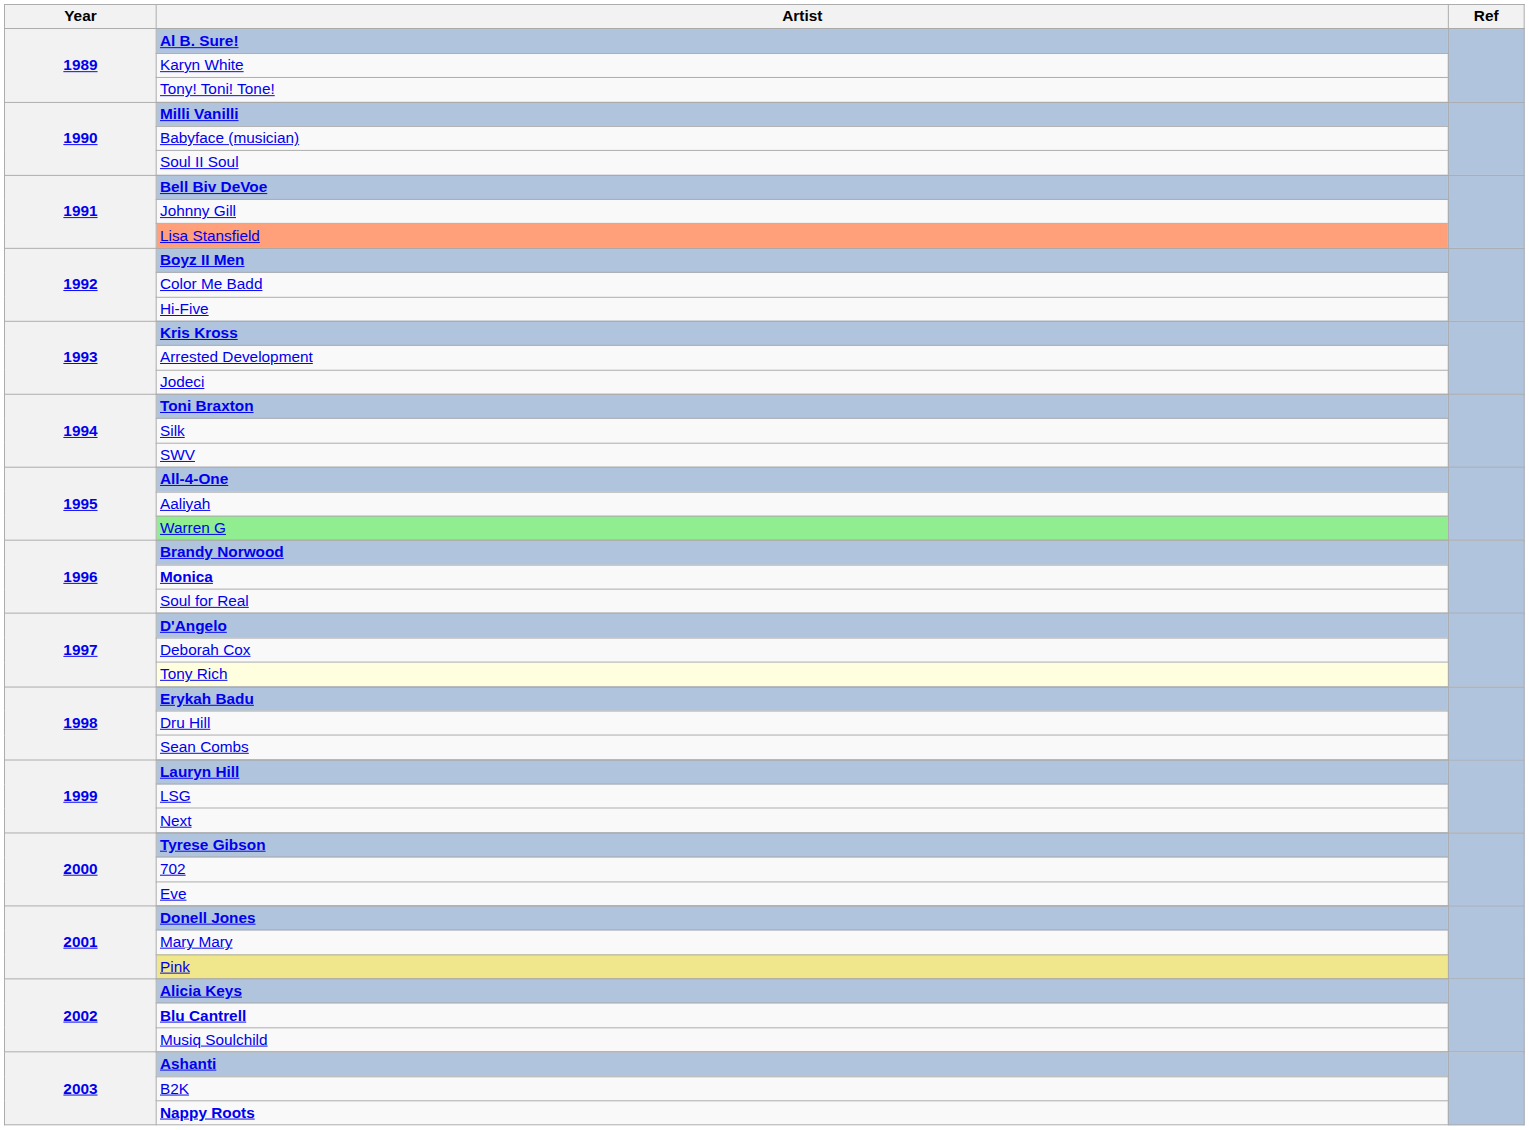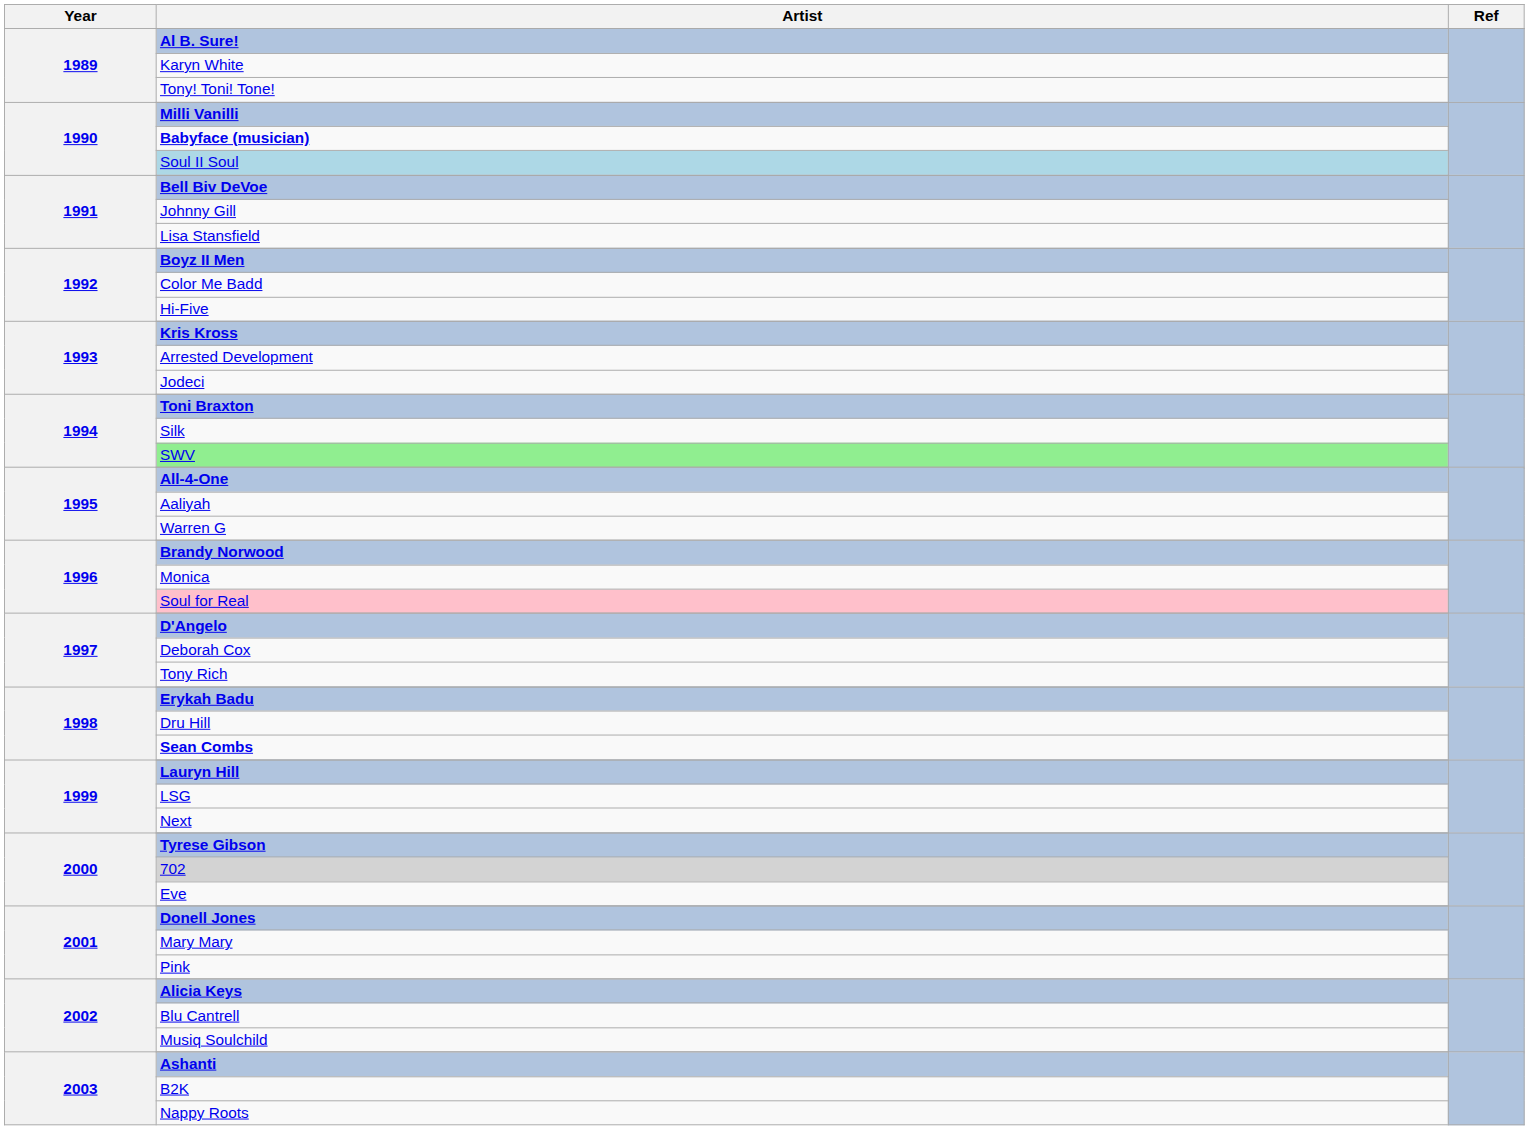 <table class="wikitable" width="100%">
 <tr>
 <th width="10%">Year</th>
 <th width="85%">Artist</th>
 <th width="5%">Ref</th>
 </tr>
 <tr>
 <th rowspan="4" align="center"><a href='#'>1989<br></a></th>
 </tr>
 <tr style="background:#B0C4DE">
 <td><strong><a href='#'>Al B. Sure!</a></strong></td>
 <td rowspan="4" align="center"></td>
 </tr>
 <tr>
 <td><a href='#'>Karyn White</a></td>
 </tr>
 <tr>
 <td><a href='#'>Tony! Toni! Tone!</a></td>
 </tr>
 <tr>
 <th rowspan="4" align="center"><a href='#'>1990<br></a></th>
 </tr>
 <tr style="background:#B0C4DE">
 <td><strong><a href='#'>Milli Vanilli</a></strong></td>
 <td rowspan="4" align="center"></td>
 </tr>
 <tr>
-<td><a href='#'>Babyface (musician)</a></td>
+<td><strong><a href='#'>Babyface (musician)</a></strong></td>
 </tr>
 <tr>
-<td><a href='#'>Soul II Soul</a></td>
+<td style="background: lightblue;"><a href='#'>Soul II Soul</a></td>
 </tr>
 <tr>
 <th rowspan="4" align="center"><a href='#'>1991<br></a></th>
 </tr>
 <tr style="background:#B0C4DE">
 <td><strong><a href='#'>Bell Biv DeVoe</a></strong></td>
 <td rowspan="4" align="center"></td>
 </tr>
 <tr>
 <td><a href='#'>Johnny Gill</a></td>
 </tr>
 <tr>
-<td style="background: lightsalmon;"><a href='#'>Lisa Stansfield</a></td>
+<td><a href='#'>Lisa Stansfield</a></td>
 </tr>
 <tr>
 <th rowspan="4" align="center"><a href='#'>1992<br></a></th>
 </tr>
 <tr style="background:#B0C4DE">
 <td><strong><a href='#'>Boyz II Men</a></strong></td>
 <td rowspan="4" align="center"></td>
 </tr>
 <tr>
 <td><a href='#'>Color Me Badd</a></td>
 </tr>
 <tr>
 <td><a href='#'>Hi-Five</a></td>
 </tr>
 <tr>
 <th rowspan="4" align="center"><a href='#'>1993<br></a></th>
 </tr>
 <tr style="background:#B0C4DE">
 <td><strong><a href='#'>Kris Kross</a></strong></td>
 <td rowspan="4" align="center"></td>
 </tr>
 <tr>
 <td><a href='#'>Arrested Development</a></td>
 </tr>
 <tr>
 <td><a href='#'>Jodeci</a></td>
 </tr>
 <tr>
 <th rowspan="4" align="center"><a href='#'>1994<br></a></th>
 </tr>
 <tr style="background:#B0C4DE">
 <td><strong><a href='#'>Toni Braxton</a></strong></td>
 <td rowspan="4" align="center"></td>
 </tr>
 <tr>
 <td><a href='#'>Silk</a></td>
 </tr>
 <tr>
-<td><a href='#'>SWV</a></td>
+<td style="background: lightgreen;"><a href='#'>SWV</a></td>
 </tr>
 <tr>
 <th rowspan="4" align="center"><a href='#'>1995<br></a></th>
 </tr>
 <tr style="background:#B0C4DE">
 <td><strong><a href='#'>All-4-One</a></strong></td>
 <td rowspan="4" align="center"></td>
 </tr>
 <tr>
 <td><a href='#'>Aaliyah</a></td>
 </tr>
 <tr>
-<td style="background: lightgreen;"><a href='#'>Warren G</a></td>
+<td><a href='#'>Warren G</a></td>
 </tr>
 <tr>
 <th rowspan="4" align="center"><a href='#'>1996<br></a></th>
 </tr>
 <tr style="background:#B0C4DE">
 <td><strong><a href='#'>Brandy Norwood</a></strong></td>
 <td rowspan="4" align="center"></td>
 </tr>
 <tr>
-<td><strong><a href='#'>Monica</a></strong></td>
+<td><a href='#'>Monica</a></td>
 </tr>
 <tr>
-<td><a href='#'>Soul for Real</a></td>
+<td style="background: pink;"><a href='#'>Soul for Real</a></td>
 </tr>
 <tr>
 <th rowspan="4" align="center"><a href='#'>1997<br></a></th>
 </tr>
 <tr style="background:#B0C4DE">
 <td><strong><a href='#'>D'Angelo</a></strong></td>
 <td rowspan="4" align="center"></td>
 </tr>
 <tr>
 <td><a href='#'>Deborah Cox</a></td>
 </tr>
 <tr>
-<td style="background: lightyellow;"><a href='#'>Tony Rich</a></td>
+<td><a href='#'>Tony Rich</a></td>
 </tr>
 <tr>
 <th rowspan="4" align="center"><a href='#'>1998<br></a></th>
 </tr>
 <tr style="background:#B0C4DE">
 <td><strong><a href='#'>Erykah Badu</a></strong></td>
 <td rowspan="4" align="center"></td>
 </tr>
 <tr>
 <td><a href='#'>Dru Hill</a></td>
 </tr>
 <tr>
-<td><a href='#'>Sean Combs</a></td>
+<td><strong><a href='#'>Sean Combs</a></strong></td>
 </tr>
 <tr>
 <th rowspan="4" align="center"><a href='#'>1999<br></a></th>
 </tr>
 <tr style="background:#B0C4DE">
 <td><strong><a href='#'>Lauryn Hill</a></strong></td>
 <td rowspan="4" align="center"></td>
 </tr>
 <tr>
 <td><a href='#'>LSG</a></td>
 </tr>
 <tr>
 <td><a href='#'>Next</a></td>
 </tr>
 <tr>
 <th rowspan="4" align="center"><a href='#'>2000<br></a></th>
 </tr>
 <tr style="background:#B0C4DE">
 <td><strong><a href='#'>Tyrese Gibson</a></strong></td>
 <td rowspan="4" align="center"></td>
 </tr>
 <tr>
-<td><a href='#'>702</a></td>
+<td style="background: lightgrey;"><a href='#'>702</a></td>
 </tr>
 <tr>
 <td><a href='#'>Eve</a></td>
 </tr>
 <tr>
 <th rowspan="4" align="center"><a href='#'>2001<br></a></th>
 </tr>
 <tr style="background:#B0C4DE">
 <td><strong><a href='#'>Donell Jones</a></strong></td>
 <td rowspan="4" align="center"></td>
 </tr>
 <tr>
 <td><a href='#'>Mary Mary</a></td>
 </tr>
 <tr>
-<td style="background: khaki;"><a href='#'>Pink</a></td>
+<td><a href='#'>Pink</a></td>
 </tr>
 <tr>
 <th rowspan="4" align="center"><a href='#'>2002<br></a></th>
 </tr>
 <tr style="background:#B0C4DE">
 <td><strong><a href='#'>Alicia Keys</a></strong></td>
 <td rowspan="4" align="center"></td>
 </tr>
 <tr>
-<td><strong><a href='#'>Blu Cantrell</a></strong></td>
+<td><a href='#'>Blu Cantrell</a></td>
 </tr>
 <tr>
 <td><a href='#'>Musiq Soulchild</a></td>
 </tr>
 <tr>
 <th rowspan="4" align="center"><a href='#'>2003<br></a></th>
 </tr>
 <tr style="background:#B0C4DE">
 <td><strong><a href='#'>Ashanti</a></strong></td>
 <td rowspan="4" align="center"></td>
 </tr>
 <tr>
 <td><a href='#'>B2K</a></td>
 </tr>
 <tr>
-<td><strong><a href='#'>Nappy Roots</a></strong></td>
+<td><a href='#'>Nappy Roots</a></td>
 </tr>
 </table>
